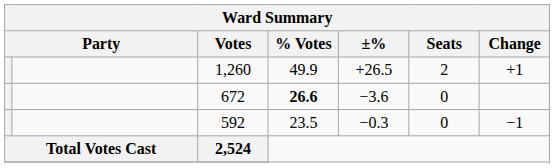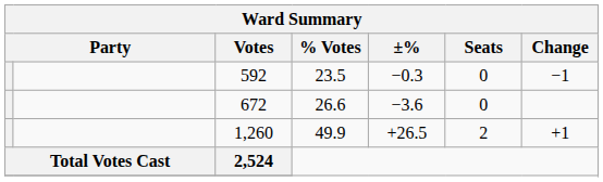 <table class="wikitable" style="font-size: 95%;">
 <tr>
 <th colspan="7">Ward Summary</th>
 </tr>
 <tr>
 <th colspan="2">Party</th>
 <th style="width: 60px">Votes</th>
 <th style="width: 60px">% Votes</th>
 <th style="width: 60px">±%</th>
 <th style="width: 60px">Seats</th>
 <th style="width: 60px">Change</th>
 </tr>
 <tr>
 <th style="background-color: "></th>
 <td style="width: 170px"><a href='#'></a></td>
-<td align="center">1,260</td>
-<td align="center">49.9</td>
-<td align="center">+26.5</td>
-<td align="center">2</td>
-<td align="center">+1</td>
+<td align="center">592</td>
+<td align="center">23.5</td>
+<td align="center">−0.3</td>
+<td align="center">0</td>
+<td align="center">−1</td>
 </tr>
 <tr>
 <th style="background-color: "></th>
 <td style="width: 170px"><a href='#'></a></td>
 <td align="center">672</td>
-<td align="center"><strong>26.6</strong></td>
+<td align="center">26.6</td>
 <td align="center">−3.6</td>
 <td align="center">0</td>
 <td align="center"></td>
 </tr>
 <tr>
 <th style="background-color: "></th>
 <td style="width: 170px"><a href='#'></a></td>
-<td align="center">592</td>
-<td align="center">23.5</td>
-<td align="center">−0.3</td>
-<td align="center">0</td>
-<td align="center">−1</td>
+<td align="center">1,260</td>
+<td align="center">49.9</td>
+<td align="center">+26.5</td>
+<td align="center">2</td>
+<td align="center">+1</td>
 </tr>
 <tr style="background-color:#E9E9E9">
 <th colspan="2">Total Votes Cast</th>
 <th style="width: 60px">2,524</th>
 </tr>
 <tr style="background-color:#E9E9E9">
 </tr>
 </table>
